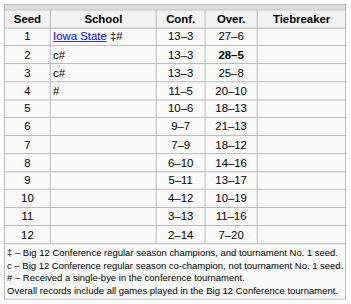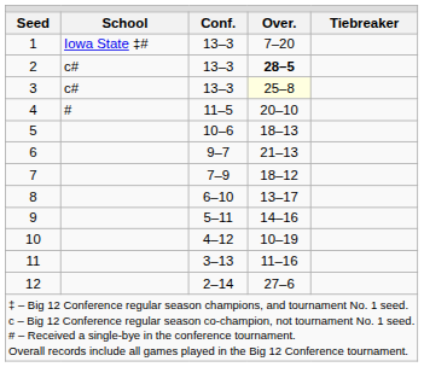 <table class="wikitable" style="white-space:nowrap; font-size:90%;text-align:center">
 <tr>
 <td colspan="10" style="text-align:center; background:#DDDDDD; font:#000000"><strong></strong></td>
 </tr>
 <tr bgcolor="#efefef">
 <th>Seed</th>
 <th>School</th>
 <th>Conf.</th>
 <th>Over.</th>
 <th>Tiebreaker</th>
 </tr>
 <tr>
 <td>1</td>
 <td align=left><a href='#'>Iowa State</a> ‡#</td>
 <td>13–3</td>
-<td>27–6</td>
+<td>7–20</td>
 <td></td>
 </tr>
 <tr>
 <td>2</td>
 <td align=left> c#</td>
 <td>13–3</td>
 <td><strong>28–5</strong></td>
 <td></td>
 </tr>
 <tr>
 <td>3</td>
 <td align=left> c#</td>
 <td>13–3</td>
-<td>25–8</td>
+<td style="background: lightyellow;">25–8</td>
 <td></td>
 </tr>
 <tr>
 <td>4</td>
 <td align=left> #</td>
 <td>11–5</td>
 <td>20–10</td>
 <td></td>
 </tr>
 <tr>
 <td>5</td>
 <td align=left></td>
 <td>10–6</td>
 <td>18–13</td>
 <td></td>
 </tr>
 <tr>
 <td>6</td>
 <td align=left></td>
 <td>9–7</td>
 <td>21–13</td>
 <td></td>
 </tr>
 <tr>
 <td>7</td>
 <td align=left></td>
 <td>7–9</td>
 <td>18–12</td>
 <td></td>
 </tr>
 <tr>
 <td>8</td>
 <td align=left></td>
 <td>6–10</td>
-<td>14–16</td>
+<td>13–17</td>
 <td></td>
 </tr>
 <tr>
 <td>9</td>
 <td align=left></td>
 <td>5–11</td>
-<td>13–17</td>
+<td>14–16</td>
 <td></td>
 </tr>
 <tr>
 <td>10</td>
 <td align=left></td>
 <td>4–12</td>
 <td>10–19</td>
 <td></td>
 </tr>
 <tr>
 <td>11</td>
 <td align=left></td>
 <td>3–13</td>
 <td>11–16</td>
 <td></td>
 </tr>
 <tr>
 <td>12</td>
 <td align=left></td>
 <td>2–14</td>
-<td>7–20</td>
+<td>27–6</td>
 <td></td>
 </tr>
 <tr>
 <td colspan="10" style="text-align:left;"><small>‡ – Big 12 Conference regular season champions, and tournament No. 1 seed.<br>c – Big 12 Conference regular season co-champion, not tournament No. 1 seed.<br># – Received a single-bye in the conference tournament.<br>Overall records include all games played in the Big 12 Conference tournament.</small></td>
 </tr>
 </table>
